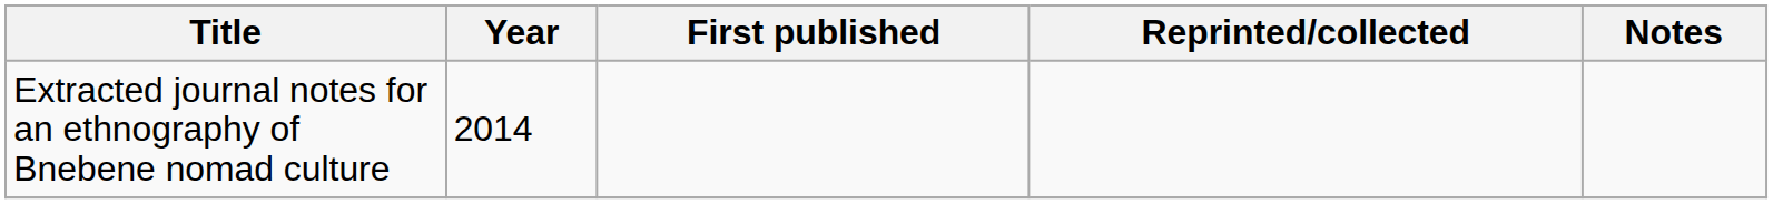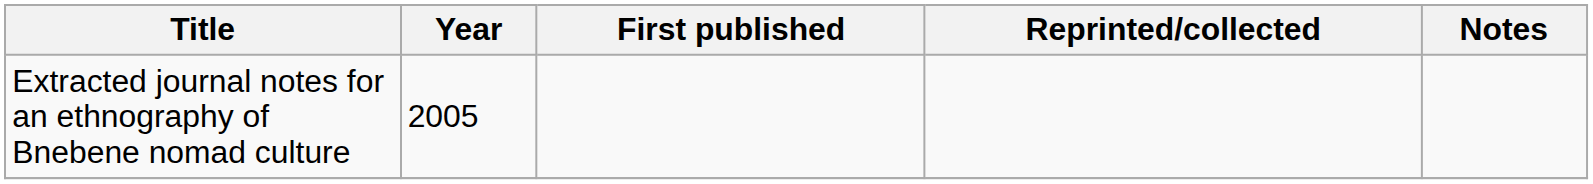 <table class='wikitable sortable' width='90%'>
 <tr>
 <th width=25%>Title</th>
 <th>Year</th>
 <th>First published</th>
 <th>Reprinted/collected</th>
 <th>Notes</th>
 </tr>
 <tr>
 <td>Extracted journal notes for an ethnography of Bnebene nomad culture</td>
-<td>2014</td>
+<td>2005</td>
 <td></td>
 <td></td>
 <td></td>
 </tr>
 <tr>
 </tr>
 </table>
